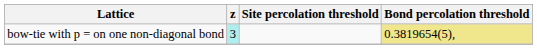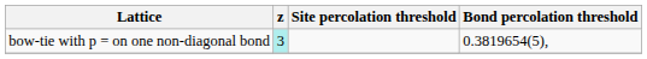 <table class="wikitable">
 <tr>
 <th>Lattice</th>
 <th>z</th>
 <th>Site percolation threshold</th>
 <th>Bond percolation threshold</th>
 </tr>
 <tr>
 <td>bow-tie with p =  on one non-diagonal bond</td>
 <td style="background: paleturquoise;">3</td>
 <td></td>
-<td style="background: khaki;">0.3819654(5),</td>
+<td>0.3819654(5),</td>
 </tr>
 <tr>
 </tr>
 </table>
